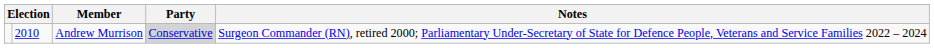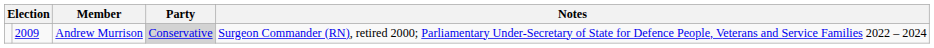 <table class="wikitable">
 <tr>
 <th colspan="2">Election</th>
 <th>Member</th>
 <th>Party</th>
 <th>Notes</th>
 </tr>
 <tr>
 <td style="color:inherit;background-color: "></td>
-<td><a href='#'>2010</a></td>
+<td><a href='#'>2009</a></td>
 <td><a href='#'>Andrew Murrison</a></td>
 <td style="background: lightgrey;"><a href='#'>Conservative</a></td>
 <td><a href='#'>Surgeon Commander (RN)</a>, retired 2000; <a href='#'>Parliamentary Under-Secretary of State for Defence People, Veterans and Service Families</a> 2022 – 2024</td>
 </tr>
 </table>
